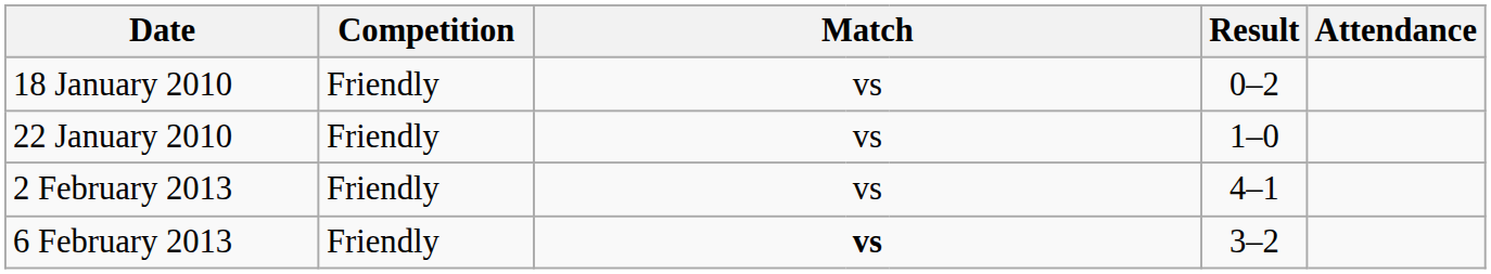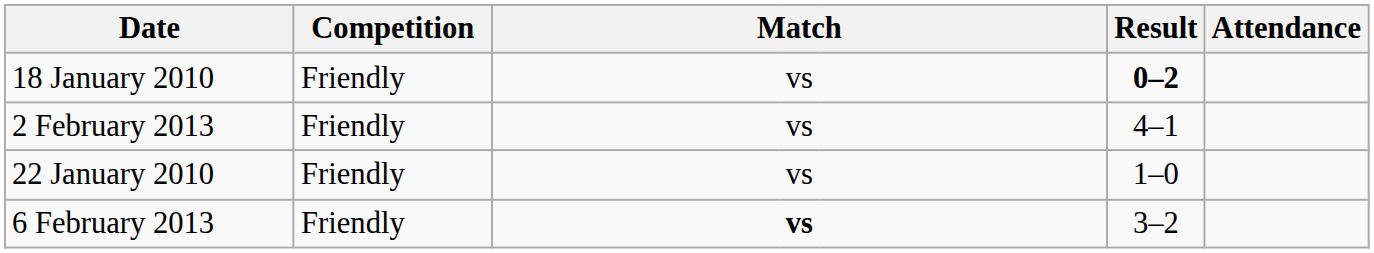 <table class="wikitable">
 <tr>
 <th style="width:9em;">Date</th>
 <th style="width:6em;">Competition</th>
 <th colspan=3>Match</th>
 <th>Result</th>
 <th>Attendance</th>
 </tr>
 <tr>
 <td>18 January 2010</td>
 <td>Friendly</td>
 <td style="width:9em;text-align:right;border-right:0px;"></td>
 <td style="border-left:0px;border-right:0px;">vs</td>
 <td style="width:9em;border-left:0px;"></td>
-<td style="text-align:center">0–2</td>
-<td style="text-align:center"></td>
-</tr>
-<tr>
-<td>22 January 2010</td>
-<td>Friendly</td>
-<td style="text-align:right;border-right:0px;"></td>
-<td style="border-left:0px;border-right:0px;">vs</td>
-<td style="border-left:0px;"></td>
-<td style="text-align:center">1–0</td>
+<td style="text-align:center"><strong>0–2</strong></td>
 <td style="text-align:center"></td>
 </tr>
 <tr>
 <td>2 February 2013</td>
 <td>Friendly</td>
 <td style="text-align:right;border-right:0px;"></td>
 <td style="border-left:0px;border-right:0px;">vs</td>
 <td style="border-left:0px;"></td>
 <td style="text-align:center">4–1</td>
 <td></td>
 </tr>
 <tr>
+<td>22 January 2010</td>
+<td>Friendly</td>
+<td style="text-align:right;border-right:0px;"></td>
+<td style="border-left:0px;border-right:0px;">vs</td>
+<td style="border-left:0px;"></td>
+<td style="text-align:center">1–0</td>
+<td style="text-align:center"></td>
+</tr>
+<tr>
 <td>6 February 2013</td>
 <td>Friendly</td>
 <td style="text-align:right;border-right:0px;"></td>
 <td style="border-left:0px;border-right:0px;"><strong>vs</strong></td>
 <td style="border-left:0px;"></td>
 <td style="text-align:center">3–2</td>
 <td style="text-align:center"></td>
 </tr>
 </table>
